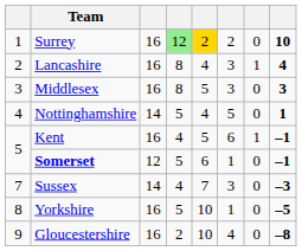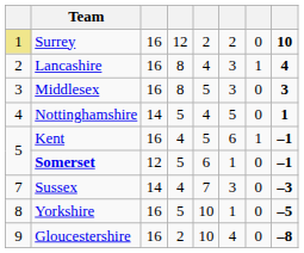 <table class="wikitable" style="text-align:center;">
 <tr>
 <th scope="col" width=20></th>
 <th scope="col">Team</th>
 <th scope="col" width=20></th>
 <th scope="col" width=20></th>
 <th scope="col" width=20></th>
 <th scope="col" width=20></th>
 <th scope="col" width=20></th>
 <th scope="col" width=20></th>
 </tr>
 <tr>
-<td>1</td>
+<td style="background: khaki;">1</td>
 <td style="text-align:left;"><a href='#'>Surrey</a></td>
 <td>16</td>
-<td style="background: lightgreen;">12</td>
-<td style="background: gold;">2</td>
+<td>12</td>
+<td>2</td>
 <td>2</td>
 <td>0</td>
 <td><strong>10</strong></td>
 </tr>
 <tr style="background:#f9f9f9;">
 <td>2</td>
 <td style="text-align:left;"><a href='#'>Lancashire</a></td>
 <td>16</td>
 <td>8</td>
 <td>4</td>
 <td>3</td>
 <td>1</td>
 <td><strong>4</strong></td>
 </tr>
 <tr style="background:#f9f9f9;">
 <td>3</td>
 <td style="text-align:left;"><a href='#'>Middlesex</a></td>
 <td>16</td>
 <td>8</td>
 <td>5</td>
 <td>3</td>
 <td>0</td>
 <td><strong>3</strong></td>
 </tr>
 <tr style="background:#f9f9f9;">
 <td>4</td>
 <td style="text-align:left;"><a href='#'>Nottinghamshire</a></td>
 <td>14</td>
 <td>5</td>
 <td>4</td>
 <td>5</td>
 <td>0</td>
 <td><strong>1</strong></td>
 </tr>
 <tr style="background:#f9f9f9;">
 <td rowspan="2">5</td>
 <td style="text-align:left;"><a href='#'>Kent</a></td>
 <td>16</td>
 <td>4</td>
 <td>5</td>
 <td>6</td>
 <td>1</td>
 <td><strong>–1</strong></td>
 </tr>
 <tr style="background:#f9f9f9;">
 <td style="text-align:left;"><strong><a href='#'>Somerset</a></strong></td>
 <td>12</td>
 <td>5</td>
 <td>6</td>
 <td>1</td>
 <td>0</td>
 <td><strong>–1</strong></td>
 </tr>
 <tr style="background:#f9f9f9;">
 <td>7</td>
 <td style="text-align:left;"><a href='#'>Sussex</a></td>
 <td>14</td>
 <td>4</td>
 <td>7</td>
 <td>3</td>
 <td>0</td>
 <td><strong>–3</strong></td>
 </tr>
 <tr style="background:#f9f9f9;">
 <td>8</td>
 <td style="text-align:left;"><a href='#'>Yorkshire</a></td>
 <td>16</td>
 <td>5</td>
 <td>10</td>
 <td>1</td>
 <td>0</td>
 <td><strong>–5</strong></td>
 </tr>
 <tr style="background:#f9f9f9;">
 <td>9</td>
 <td style="text-align:left;"><a href='#'>Gloucestershire</a></td>
 <td>16</td>
 <td>2</td>
 <td>10</td>
 <td>4</td>
 <td>0</td>
 <td><strong>–8</strong></td>
 </tr>
 </table>
